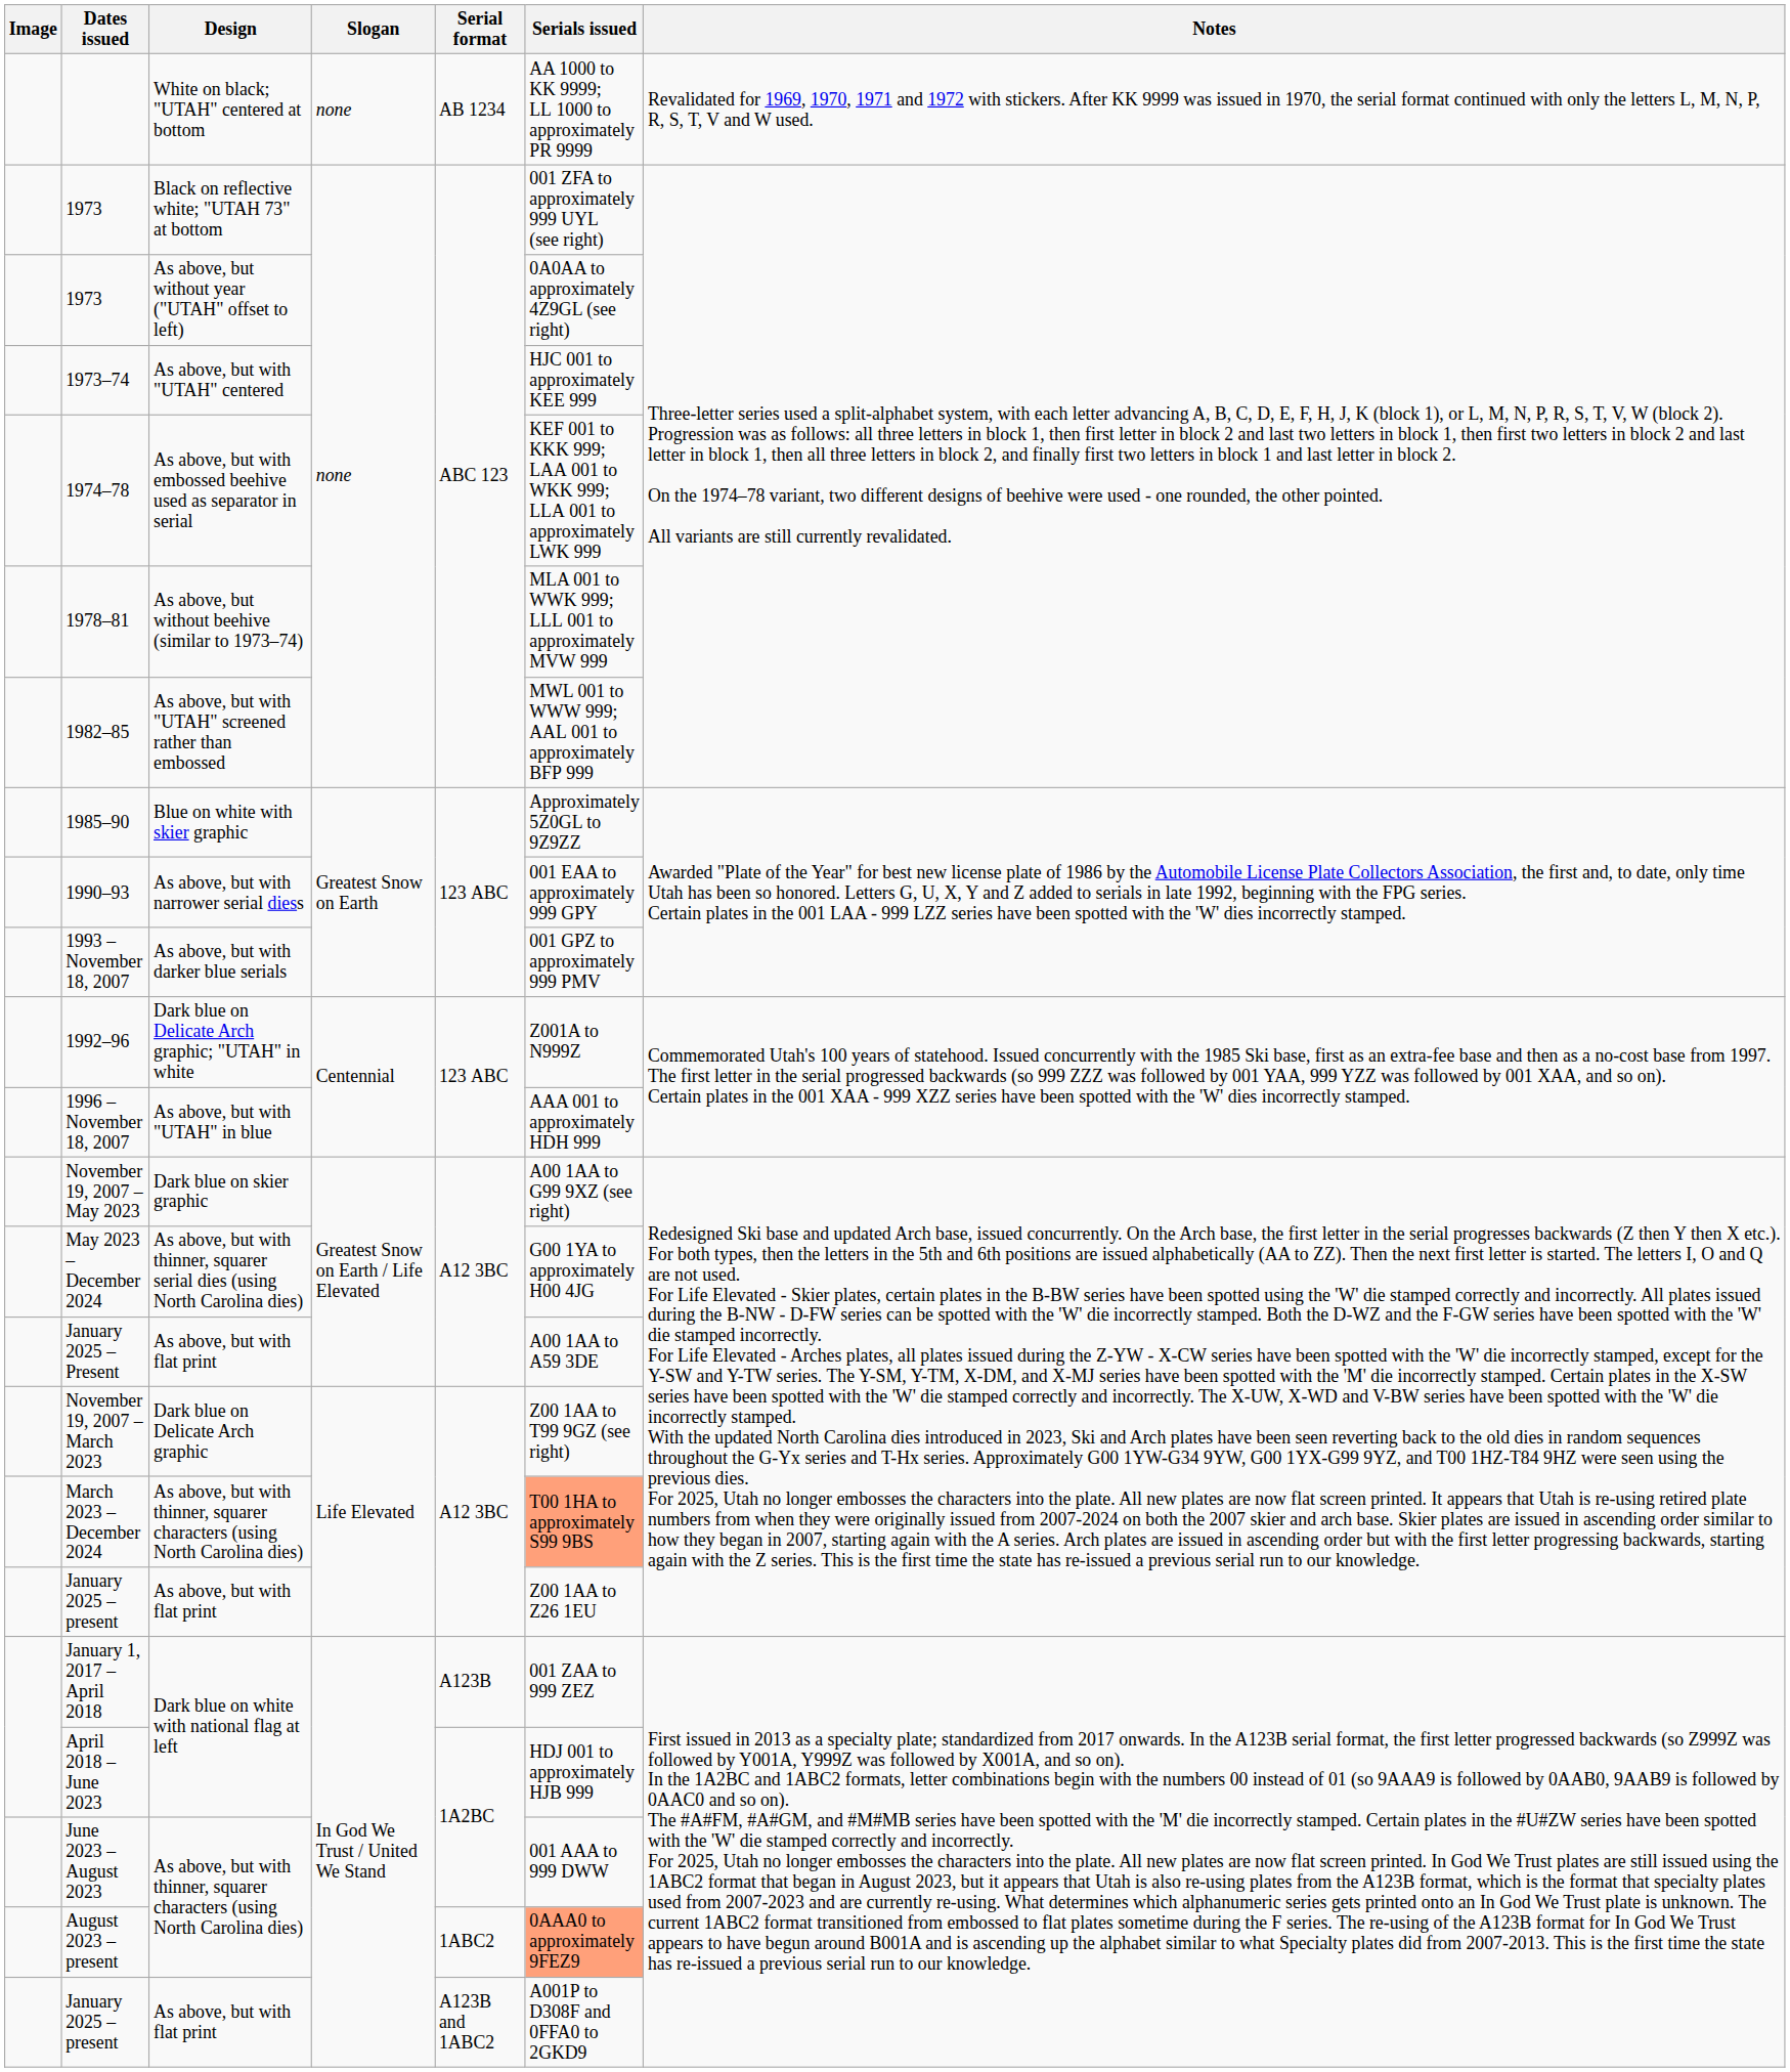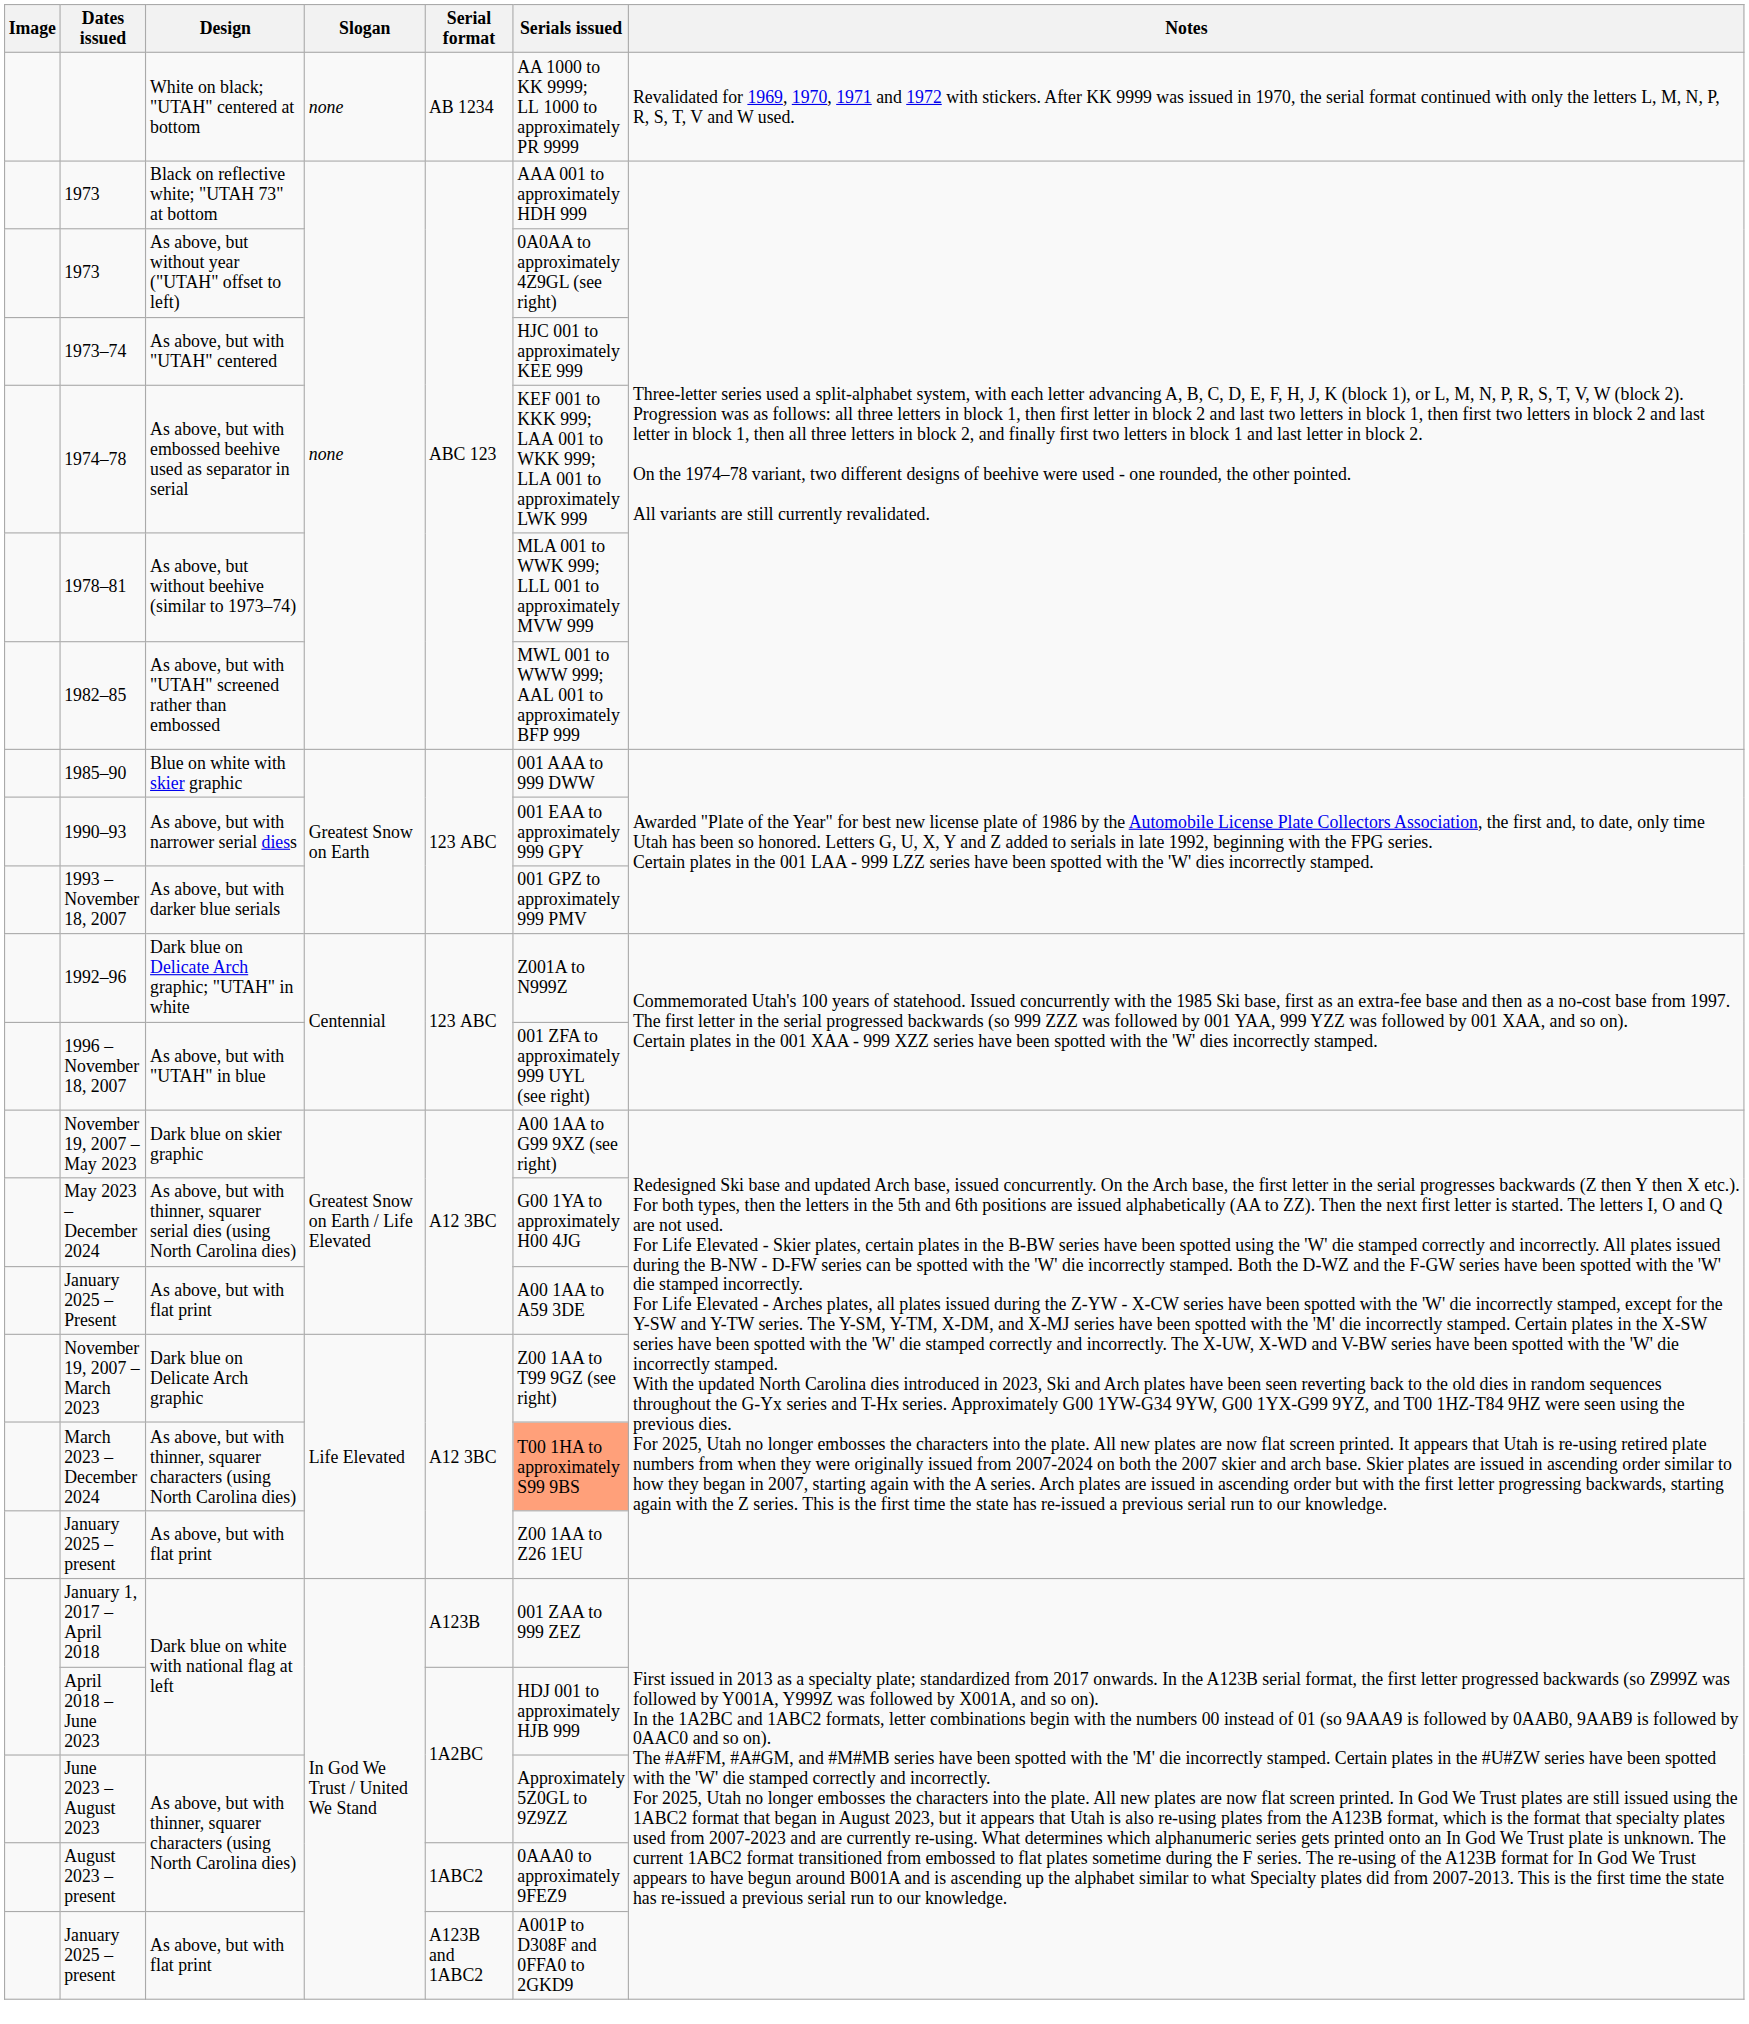 <table class="wikitable">
 <tr>
 <th>Image</th>
 <th style="width:70px;">Dates issued</th>
 <th>Design</th>
 <th>Slogan</th>
 <th>Serial format</th>
 <th style="width:95px;">Serials issued</th>
 <th>Notes</th>
 </tr>
 <tr>
 <td></td>
 <td></td>
 <td>White on black; "UTAH" centered at bottom</td>
 <td><em>none</em></td>
 <td>AB 1234</td>
 <td>AA 1000 to<br>KK 9999;<br>LL 1000 to approximately PR 9999</td>
 <td>Revalidated for <a href='#'>1969</a>, <a href='#'>1970</a>, <a href='#'>1971</a> and <a href='#'>1972</a> with stickers. After KK 9999 was issued in 1970, the serial format continued with only the letters L, M, N, P, R, S, T, V and W used.</td>
 </tr>
 <tr>
 <td></td>
 <td>1973</td>
 <td>Black on reflective white; "UTAH 73" at bottom</td>
 <td rowspan="6"><em>none</em></td>
 <td rowspan="6">ABC 123</td>
-<td>001 ZFA to approximately 999 UYL<br>(see right)</td>
+<td>AAA 001 to approximately HDH 999</td>
 <td rowspan="6">Three-letter series used a split-alphabet system, with each letter advancing A, B, C, D, E, F, H, J, K (block 1), or L, M, N, P, R, S, T, V, W (block 2). Progression was as follows: all three letters in block 1, then first letter in block 2 and last two letters in block 1, then first two letters in block 2 and last letter in block 1, then all three letters in block 2, and finally first two letters in block 1 and last letter in block 2.<br><br>On the 1974–78 variant, two different designs of beehive were used - one rounded, the other pointed.<br><br>All variants are still currently revalidated.</td>
 </tr>
 <tr>
 <td></td>
 <td>1973</td>
 <td>As above, but without year ("UTAH" offset to left)</td>
 <td>0A0AA to approximately 4Z9GL (see right)</td>
 </tr>
 <tr>
 <td></td>
 <td>1973–74</td>
 <td>As above, but with "UTAH" centered</td>
 <td>HJC 001 to approximately KEE 999</td>
 </tr>
 <tr>
 <td></td>
 <td>1974–78</td>
 <td>As above, but with embossed beehive used as separator in serial</td>
 <td>KEF 001 to KKK 999;<br>LAA 001 to WKK 999;<br>LLA 001 to approximately LWK 999</td>
 </tr>
 <tr>
 <td></td>
 <td>1978–81</td>
 <td>As above, but without beehive (similar to 1973–74)</td>
 <td>MLA 001 to WWK 999;<br>LLL 001 to approximately MVW 999</td>
 </tr>
 <tr>
 <td></td>
 <td>1982–85</td>
 <td>As above, but with "UTAH" screened rather than embossed</td>
 <td>MWL 001 to WWW 999;<br>AAL 001 to approximately BFP 999</td>
 </tr>
 <tr>
 <td></td>
 <td>1985–90</td>
 <td>Blue on white with <a href='#'>skier</a> graphic</td>
 <td rowspan="3">Greatest Snow on Earth</td>
 <td rowspan="3">123 ABC</td>
-<td>Approximately 5Z0GL to 9Z9ZZ</td>
+<td>001 AAA to 999 DWW</td>
 <td rowspan="3">Awarded "Plate of the Year" for best new license plate of 1986 by the <a href='#'>Automobile License Plate Collectors Association</a>, the first and, to date, only time Utah has been so honored. Letters G, U, X, Y and Z added to serials in late 1992, beginning with the FPG series.<br>Certain plates in the 001 LAA - 999 LZZ series have been spotted with the 'W' dies incorrectly stamped.</td>
 </tr>
 <tr>
 <td></td>
 <td>1990–93</td>
 <td>As above, but with narrower serial <a href='#'>dies</a>s</td>
 <td>001 EAA to approximately 999 GPY</td>
 </tr>
 <tr>
 <td></td>
 <td>1993 – November 18, 2007</td>
 <td>As above, but with darker blue serials</td>
 <td>001 GPZ to approximately 999 PMV</td>
 </tr>
 <tr>
 <td></td>
 <td>1992–96</td>
 <td>Dark blue on <a href='#'>Delicate Arch</a> graphic; "UTAH" in white</td>
 <td rowspan="2">Centennial</td>
 <td rowspan="2">123 ABC</td>
 <td>Z001A to N999Z</td>
 <td rowspan="2">Commemorated Utah's 100 years of statehood. Issued concurrently with the 1985 Ski base, first as an extra-fee base and then as a no-cost base from 1997. The first letter in the serial progressed backwards (so 999 ZZZ was followed by 001 YAA, 999 YZZ was followed by 001 XAA, and so on).<br>Certain plates in the 001 XAA - 999 XZZ series have been spotted with the 'W' dies incorrectly stamped.</td>
 </tr>
 <tr>
 <td></td>
 <td>1996 – November 18, 2007</td>
 <td>As above, but with "UTAH" in blue</td>
-<td>AAA 001 to approximately HDH 999</td>
+<td>001 ZFA to approximately 999 UYL<br>(see right)</td>
 </tr>
 <tr>
 <td></td>
 <td>November 19, 2007 – May 2023</td>
 <td>Dark blue on skier graphic</td>
 <td rowspan="3">Greatest Snow on Earth / Life Elevated</td>
 <td rowspan="3">A12 3BC</td>
 <td>A00 1AA to G99 9XZ (see right)</td>
 <td rowspan="6">Redesigned Ski base and updated Arch base, issued concurrently. On the Arch base, the first letter in the serial progresses backwards (Z then Y then X etc.). For both types, then the letters in the 5th and 6th positions are issued alphabetically (AA to ZZ). Then the next first letter is started. The letters I, O and Q are not used.<br>For Life Elevated - Skier plates, certain plates in the B-BW series have been spotted using the 'W' die stamped correctly and incorrectly. All plates issued during the B-NW - D-FW series can be spotted with the 'W' die incorrectly stamped. Both the D-WZ and the F-GW series have been spotted with the 'W' die stamped incorrectly.<br>For Life Elevated - Arches plates, all plates issued during the Z-YW - X-CW series have been spotted with the 'W' die incorrectly stamped, except for the Y-SW and Y-TW series. The Y-SM, Y-TM, X-DM, and X-MJ series have been spotted with the 'M' die incorrectly stamped. Certain plates in the X-SW series have been spotted with the 'W' die stamped correctly and incorrectly. The X-UW, X-WD and V-BW series have been spotted with the 'W' die incorrectly stamped.<br>With the updated North Carolina dies introduced in 2023, Ski and Arch plates have been seen reverting back to the old dies in random sequences throughout the G-Yx series and T-Hx series. Approximately G00 1YW-G34 9YW, G00 1YX-G99 9YZ, and T00 1HZ-T84 9HZ were seen using the previous dies.<br>For 2025, Utah no longer embosses the characters into the plate. All new plates are now flat screen printed. It appears that Utah is re-using retired plate numbers from when they were originally issued from 2007-2024 on both the 2007 skier and arch base. Skier plates are issued in ascending order similar to how they began in 2007, starting again with the A series. Arch plates are issued in ascending order but with the first letter progressing backwards, starting again with the Z series. This is the first time the state has re-issued a previous serial run to our knowledge.</td>
 </tr>
 <tr>
 <td></td>
 <td>May 2023 – December 2024</td>
 <td>As above, but with thinner, squarer serial dies (using North Carolina dies)</td>
 <td>G00 1YA to approximately H00 4JG</td>
 </tr>
 <tr>
 <td></td>
 <td>January 2025 – Present</td>
 <td>As above, but with flat print</td>
 <td>A00 1AA to A59 3DE </td>
 </tr>
 <tr>
 <td></td>
 <td>November 19, 2007 – March 2023</td>
 <td>Dark blue on Delicate Arch graphic</td>
 <td rowspan="3">Life Elevated</td>
 <td rowspan="3">A12 3BC</td>
 <td>Z00 1AA to T99 9GZ (see right)</td>
 </tr>
 <tr>
 <td></td>
 <td>March 2023 – December 2024</td>
 <td>As above, but with thinner, squarer characters (using North Carolina dies)</td>
 <td style="background: lightsalmon;">T00 1HA to approximately S99 9BS</td>
 </tr>
 <tr>
 <td></td>
 <td>January 2025 – present</td>
 <td>As above, but with flat print</td>
 <td>Z00 1AA to Z26 1EU </td>
 </tr>
 <tr>
 <td rowspan="2"></td>
 <td>January 1, 2017 – April<br>2018</td>
 <td rowspan="2">Dark blue on white with national flag at left</td>
 <td rowspan="5">In God We Trust / United We Stand</td>
 <td>A123B</td>
 <td>001 ZAA to 999 ZEZ</td>
 <td rowspan="5">First issued in 2013 as a specialty plate; standardized from 2017 onwards. In the A123B serial format, the first letter progressed backwards (so Z999Z was followed by Y001A, Y999Z was followed by X001A, and so on).<br>In the 1A2BC and 1ABC2 formats, letter combinations begin with the numbers 00 instead of 01 (so 9AAA9 is followed by 0AAB0, 9AAB9 is followed by 0AAC0 and so on).<br>The #A#FM, #A#GM, and #M#MB series have been spotted with the 'M' die incorrectly stamped. Certain plates in the #U#ZW series have been spotted with the 'W' die stamped correctly and incorrectly.<br>For 2025, Utah no longer embosses the characters into the plate. All new plates are now flat screen printed. In God We Trust plates are still issued using the 1ABC2 format that began in August 2023, but it appears that Utah is also re-using plates from the A123B format, which is the format that specialty plates used from 2007-2023 and are currently re-using. What determines which alphanumeric series gets printed onto an In God We Trust plate is unknown. The current 1ABC2 format transitioned from embossed to flat plates sometime during the F series. The re-using of the A123B format for In God We Trust appears to have begun around B001A and is ascending up the alphabet similar to what Specialty plates did from 2007-2013. This is the first time the state has re-issued a previous serial run to our knowledge.</td>
 </tr>
 <tr>
 <td>April 2018 – June<br>2023</td>
 <td rowspan="2">1A2BC</td>
 <td>HDJ 001 to approximately HJB 999</td>
 </tr>
 <tr>
 <td></td>
 <td>June<br>2023 – August 2023</td>
 <td rowspan="2">As above, but with thinner, squarer characters (using North Carolina dies)</td>
-<td>001 AAA to 999 DWW</td>
+<td>Approximately 5Z0GL to 9Z9ZZ</td>
 </tr>
 <tr>
 <td></td>
 <td>August 2023 – present</td>
 <td>1ABC2</td>
-<td style="background: lightsalmon;">0AAA0 to approximately 9FEZ9</td>
+<td>0AAA0 to approximately 9FEZ9</td>
 </tr>
 <tr>
 <td></td>
 <td>January 2025 – present</td>
 <td>As above, but with flat print</td>
 <td>A123B and 1ABC2</td>
 <td>A001P to D308F and 0FFA0 to 2GKD9 </td>
 </tr>
 </table>
